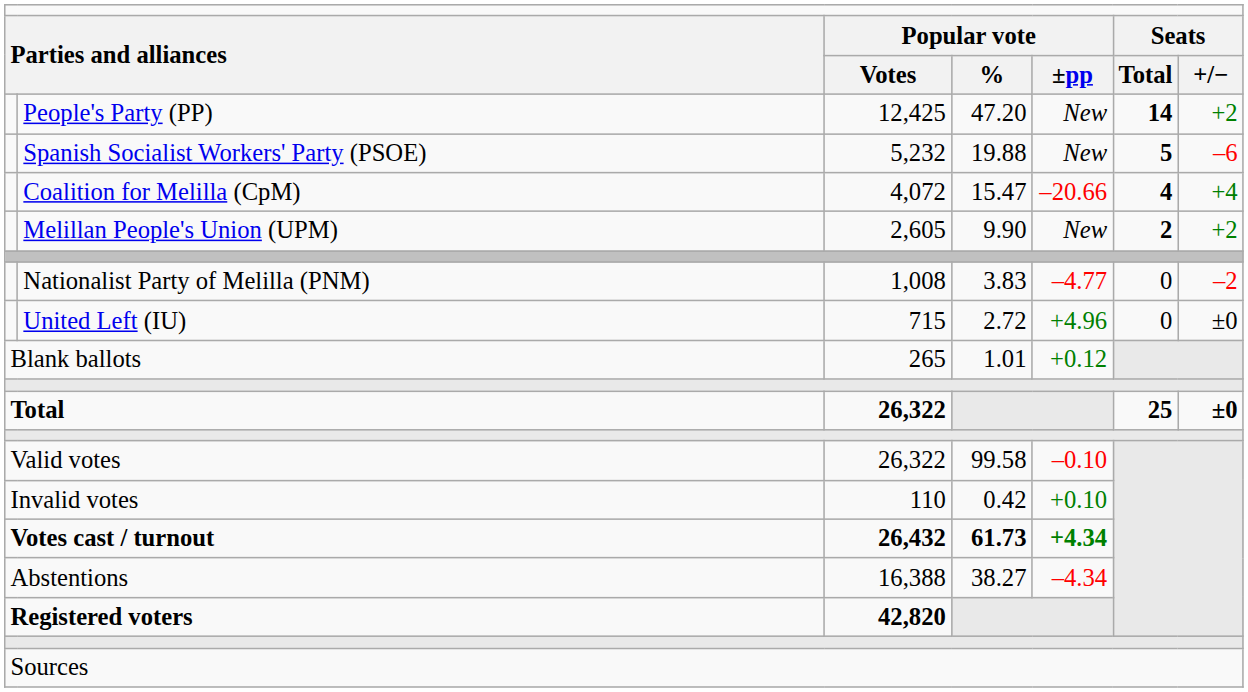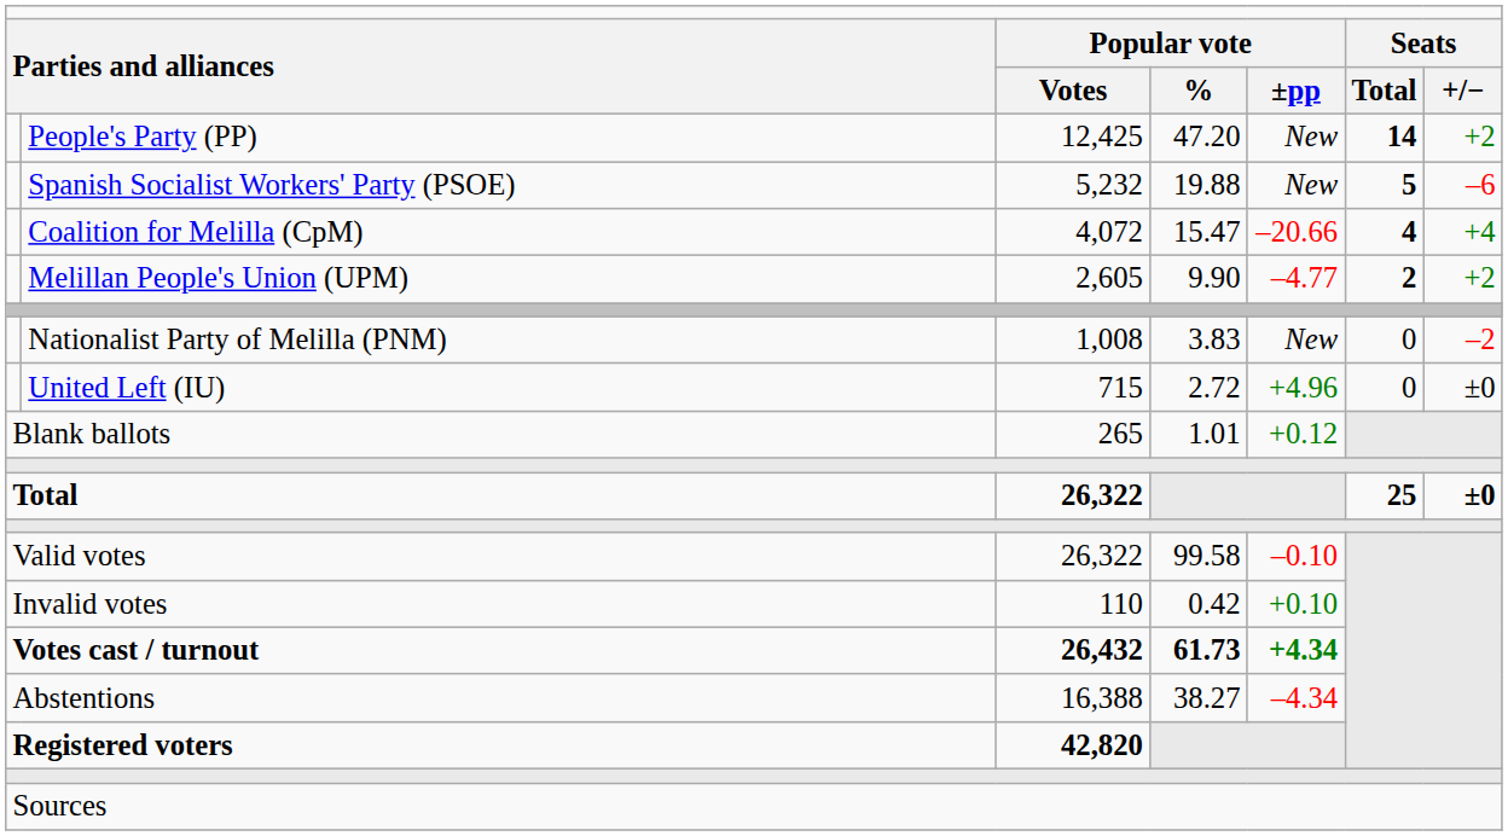 <table class="wikitable" style="text-align:right;">
 <tr>
 <td colspan="7"></td>
 </tr>
 <tr>
 <th style="text-align:left;" rowspan="2" colspan="2" width="525">Parties and alliances</th>
 <th colspan="3">Popular vote</th>
 <th colspan="2">Seats</th>
 </tr>
 <tr>
 <th width="75">Votes</th>
 <th width="45">%</th>
 <th width="45">±<a href='#'>pp</a></th>
 <th width="35">Total</th>
 <th width="35">+/−</th>
 </tr>
 <tr>
 <td width="1" style="color:inherit;background:"></td>
 <td align="left"><a href='#'>People's Party</a> (PP)</td>
 <td>12,425</td>
 <td>47.20</td>
 <td><em>New</em></td>
 <td><strong>14</strong></td>
 <td style="color:green;">+2</td>
 </tr>
 <tr>
 <td style="color:inherit;background:"></td>
 <td align="left"><a href='#'>Spanish Socialist Workers' Party</a> (PSOE)</td>
 <td>5,232</td>
 <td>19.88</td>
 <td><em>New</em></td>
 <td><strong>5</strong></td>
 <td style="color:red;">–6</td>
 </tr>
 <tr>
 <td style="color:inherit;background:"></td>
 <td align="left"><a href='#'>Coalition for Melilla</a> (CpM)</td>
 <td>4,072</td>
 <td>15.47</td>
 <td style="color:red;">–20.66</td>
 <td><strong>4</strong></td>
 <td style="color:green;">+4</td>
 </tr>
 <tr>
 <td style="color:inherit;background:"></td>
 <td align="left"><a href='#'>Melillan People's Union</a> (UPM)</td>
 <td>2,605</td>
 <td>9.90</td>
-<td><em>New</em></td>
+<td style="color:red;">–4.77</td>
 <td><strong>2</strong></td>
 <td style="color:green;">+2</td>
 </tr>
 <tr>
 <td colspan="7" bgcolor="#C0C0C0"></td>
 </tr>
 <tr>
 <td style="color:inherit;background:"></td>
 <td align="left">Nationalist Party of Melilla (PNM)</td>
 <td>1,008</td>
 <td>3.83</td>
-<td style="color:red;">–4.77</td>
+<td><em>New</em></td>
 <td>0</td>
 <td style="color:red;">–2</td>
 </tr>
 <tr>
 <td style="color:inherit;background:"></td>
 <td align="left"><a href='#'>United Left</a> (IU)</td>
 <td>715</td>
 <td>2.72</td>
 <td style="color:green;">+4.96</td>
 <td>0</td>
 <td>±0</td>
 </tr>
 <tr>
 <td align="left" colspan="2">Blank ballots</td>
 <td>265</td>
 <td>1.01</td>
 <td style="color:green;">+0.12</td>
 <td bgcolor="#E9E9E9" colspan="2"></td>
 </tr>
 <tr>
 <td colspan="7" bgcolor="#E9E9E9"></td>
 </tr>
 <tr style="font-weight:bold;">
 <td align="left" colspan="2">Total</td>
 <td>26,322</td>
 <td bgcolor="#E9E9E9" colspan="2"></td>
 <td>25</td>
 <td>±0</td>
 </tr>
 <tr>
 <td colspan="7" bgcolor="#E9E9E9"></td>
 </tr>
 <tr>
 <td align="left" colspan="2">Valid votes</td>
 <td>26,322</td>
 <td>99.58</td>
 <td style="color:red;">–0.10</td>
 <td bgcolor="#E9E9E9" colspan="2" rowspan="5"></td>
 </tr>
 <tr>
 <td align="left" colspan="2">Invalid votes</td>
 <td>110</td>
 <td>0.42</td>
 <td style="color:green;">+0.10</td>
 </tr>
 <tr style="font-weight:bold;">
 <td align="left" colspan="2">Votes cast / turnout</td>
 <td>26,432</td>
 <td>61.73</td>
 <td style="color:green;">+4.34</td>
 </tr>
 <tr>
 <td align="left" colspan="2">Abstentions</td>
 <td>16,388</td>
 <td>38.27</td>
 <td style="color:red;">–4.34</td>
 </tr>
 <tr style="font-weight:bold;">
 <td align="left" colspan="2">Registered voters</td>
 <td>42,820</td>
 <td bgcolor="#E9E9E9" colspan="2"></td>
 </tr>
 <tr>
 <td colspan="7" bgcolor="#E9E9E9"></td>
 </tr>
 <tr>
 <td align="left" colspan="7">Sources</td>
 </tr>
 </table>
